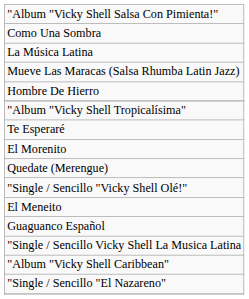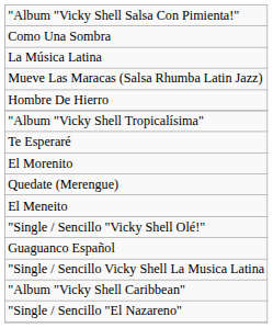 <table class="wikitable">
 <tr>
 <td>"Album "Vicky Shell Salsa Con Pimienta!"</td>
 </tr>
 <tr>
 <td>Como Una Sombra</td>
 </tr>
 <tr>
 <td>La Música Latina</td>
 </tr>
 <tr>
 <td>Mueve Las Maracas (Salsa Rhumba Latin Jazz)</td>
 </tr>
 <tr>
 <td>Hombre De Hierro</td>
 </tr>
 <tr>
 </tr>
 <tr>
 <td>"Album "Vicky Shell Tropicalísima"</td>
 </tr>
 <tr>
 <td>Te Esperaré</td>
 </tr>
 <tr>
 <td>El Morenito</td>
 </tr>
 <tr>
 <td>Quedate (Merengue)</td>
 </tr>
 <tr>
-<td>"Single / Sencillo "Vicky Shell Olé!"</td>
+<td>El Meneito</td>
 </tr>
 <tr>
-<td>El Meneito</td>
+<td>"Single / Sencillo "Vicky Shell Olé!"</td>
 </tr>
 <tr>
 <td>Guaguanco Español</td>
 </tr>
 <tr>
 <td>"Single / Sencillo Vicky Shell La Musica Latina</td>
 </tr>
 <tr>
 <td>"Album "Vicky Shell Caribbean"</td>
 </tr>
 <tr>
 <td>"Single / Sencillo "El Nazareno"</td>
 </tr>
 <tr>
 </tr>
 </table>
